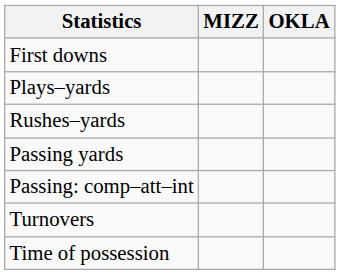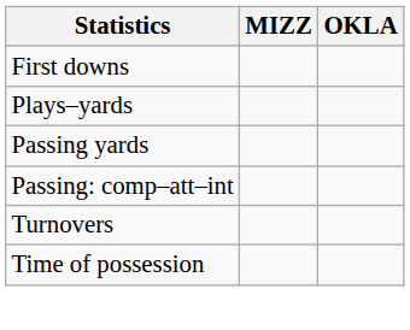 <table class="wikitable" style="float:left">
 <tr>
 <th>Statistics</th>
 <th>MIZZ</th>
 <th>OKLA</th>
 </tr>
 <tr>
 <td>First downs</td>
 <td></td>
 <td></td>
 </tr>
 <tr>
 <td>Plays–yards</td>
-<td></td>
-<td></td>
-</tr>
-<tr>
-<td>Rushes–yards</td>
 <td></td>
 <td></td>
 </tr>
 <tr>
 <td>Passing yards</td>
 <td></td>
 <td></td>
 </tr>
 <tr>
 <td>Passing: comp–att–int</td>
 <td></td>
 <td></td>
 </tr>
 <tr>
 <td>Turnovers</td>
 <td></td>
 <td></td>
 </tr>
 <tr>
 <td>Time of possession</td>
 <td></td>
 <td></td>
 </tr>
 </table>
